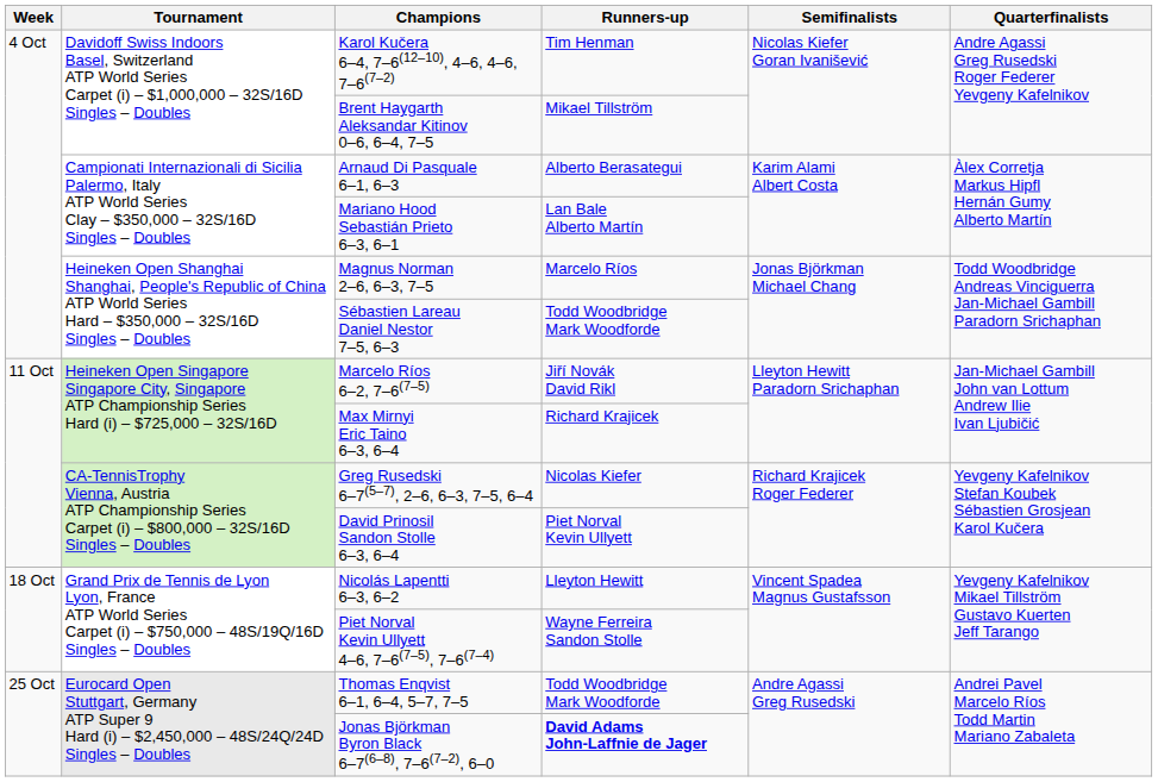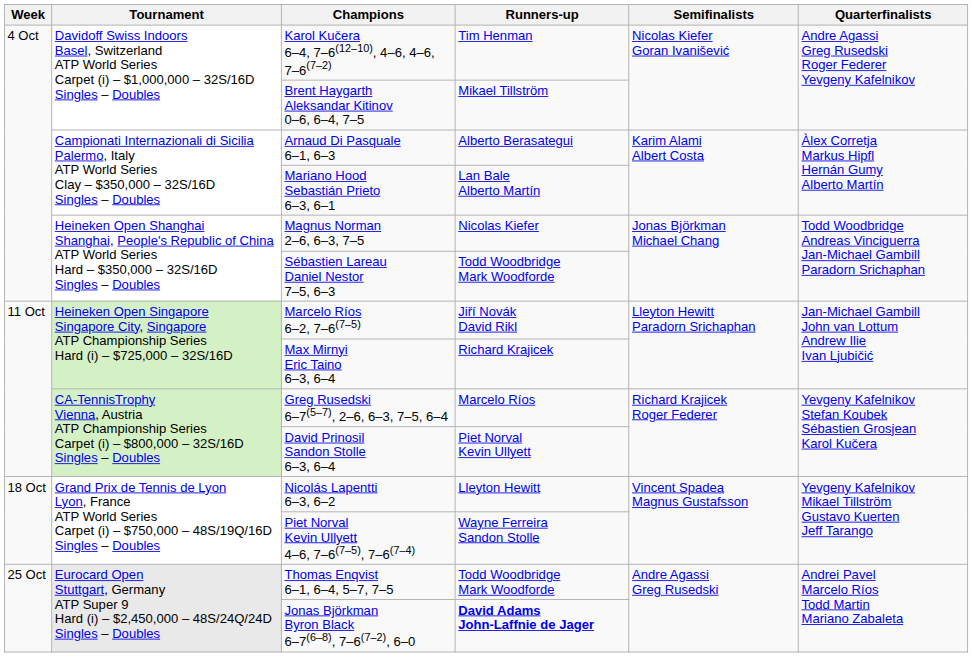 <table class=wikitable style=font-size:95%>
 <tr>
 <th style="width:48px;">Week</th>
 <th style="width:260px;">Tournament</th>
 <th style="width:195px;">Champions</th>
 <th style="width:195px;">Runners-up</th>
 <th style="width:190px;">Semifinalists</th>
 <th style="width:190px;">Quarterfinalists</th>
 </tr>
 <tr valign=top>
 <td rowspan=6>4 Oct</td>
 <td bgcolor="#ffffff" rowspan=2><a href='#'>Davidoff Swiss Indoors</a><br><a href='#'>Basel</a>, Switzerland<br>ATP World Series<br>Carpet (i) – $1,000,000 – 32S/16D<br><a href='#'>Singles</a> – <a href='#'>Doubles</a></td>
 <td> <a href='#'>Karol Kučera</a><br>6–4, 7–6<sup>(12–10)</sup>, 4–6, 4–6, 7–6<sup>(7–2)</sup></td>
 <td> <a href='#'>Tim Henman</a></td>
 <td rowspan=2> <a href='#'>Nicolas Kiefer</a><br> <a href='#'>Goran Ivanišević</a></td>
 <td rowspan=2> <a href='#'>Andre Agassi</a><br> <a href='#'>Greg Rusedski</a><br> <a href='#'>Roger Federer</a><br> <a href='#'>Yevgeny Kafelnikov</a></td>
 </tr>
 <tr valign=top>
 <td> <a href='#'>Brent Haygarth</a><br> <a href='#'>Aleksandar Kitinov</a><br>0–6, 6–4, 7–5</td>
 <td> <a href='#'>Mikael Tillström</a></td>
 </tr>
 <tr valign=top>
 <td bgcolor="#ffffff" rowspan=2><a href='#'>Campionati Internazionali di Sicilia</a><br> <a href='#'>Palermo</a>, Italy<br>ATP World Series<br>Clay – $350,000 – 32S/16D<br><a href='#'>Singles</a> – <a href='#'>Doubles</a></td>
 <td> <a href='#'>Arnaud Di Pasquale</a><br>6–1, 6–3</td>
 <td> <a href='#'>Alberto Berasategui</a></td>
 <td rowspan=2> <a href='#'>Karim Alami</a><br> <a href='#'>Albert Costa</a></td>
 <td rowspan=2> <a href='#'>Àlex Corretja</a><br> <a href='#'>Markus Hipfl</a><br> <a href='#'>Hernán Gumy</a><br> <a href='#'>Alberto Martín</a></td>
 </tr>
 <tr valign=top>
 <td> <a href='#'>Mariano Hood</a><br> <a href='#'>Sebastián Prieto</a><br>6–3, 6–1</td>
 <td> <a href='#'>Lan Bale</a><br> <a href='#'>Alberto Martín</a></td>
 </tr>
 <tr valign=top>
 <td bgcolor="#ffffff" rowspan=2><a href='#'>Heineken Open Shanghai</a><br> <a href='#'>Shanghai</a>, <a href='#'>People's Republic of China</a><br>ATP World Series<br>Hard – $350,000 – 32S/16D<br><a href='#'>Singles</a> – <a href='#'>Doubles</a></td>
 <td> <a href='#'>Magnus Norman</a><br>2–6, 6–3, 7–5</td>
-<td> <a href='#'>Marcelo Ríos</a></td>
+<td> <a href='#'>Nicolas Kiefer</a></td>
 <td rowspan=2> <a href='#'>Jonas Björkman</a><br> <a href='#'>Michael Chang</a></td>
 <td rowspan=2> <a href='#'>Todd Woodbridge</a><br> <a href='#'>Andreas Vinciguerra</a><br> <a href='#'>Jan-Michael Gambill</a><br> <a href='#'>Paradorn Srichaphan</a></td>
 </tr>
 <tr valign=top>
 <td> <a href='#'>Sébastien Lareau</a><br> <a href='#'>Daniel Nestor</a><br>7–5, 6–3</td>
 <td> <a href='#'>Todd Woodbridge</a><br> <a href='#'>Mark Woodforde</a></td>
 </tr>
 <tr valign=top>
 <td rowspan=4>11 Oct</td>
 <td bgcolor="#D4F1C5" rowspan=2><a href='#'>Heineken Open Singapore</a><br> <a href='#'>Singapore City</a>, <a href='#'>Singapore</a><br>ATP Championship Series<br>Hard (i) – $725,000 – 32S/16D</td>
 <td> <a href='#'>Marcelo Ríos</a><br>6–2, 7–6<sup>(7–5)</sup></td>
 <td> <a href='#'>Jiří Novák</a><br> <a href='#'>David Rikl</a></td>
 <td rowspan=2> <a href='#'>Lleyton Hewitt</a><br> <a href='#'>Paradorn Srichaphan</a></td>
 <td rowspan=2> <a href='#'>Jan-Michael Gambill</a><br> <a href='#'>John van Lottum</a><br> <a href='#'>Andrew Ilie</a><br> <a href='#'>Ivan Ljubičić</a></td>
 </tr>
 <tr valign=top>
 <td> <a href='#'>Max Mirnyi</a><br> <a href='#'>Eric Taino</a><br>6–3, 6–4</td>
 <td> <a href='#'>Richard Krajicek</a></td>
 </tr>
 <tr valign=top>
 <td bgcolor="#D4F1C5" rowspan=2><a href='#'>CA-TennisTrophy</a><br><a href='#'>Vienna</a>, Austria<br>ATP Championship Series<br>Carpet (i) – $800,000 – 32S/16D<br><a href='#'>Singles</a> – <a href='#'>Doubles</a></td>
 <td> <a href='#'>Greg Rusedski</a><br>6–7<sup>(5–7)</sup>, 2–6, 6–3, 7–5, 6–4</td>
-<td> <a href='#'>Nicolas Kiefer</a></td>
+<td> <a href='#'>Marcelo Ríos</a></td>
 <td rowspan=2> <a href='#'>Richard Krajicek</a><br> <a href='#'>Roger Federer</a></td>
 <td rowspan=2> <a href='#'>Yevgeny Kafelnikov</a><br> <a href='#'>Stefan Koubek</a><br> <a href='#'>Sébastien Grosjean</a><br> <a href='#'>Karol Kučera</a></td>
 </tr>
 <tr valign=top>
 <td> <a href='#'>David Prinosil</a><br> <a href='#'>Sandon Stolle</a><br>6–3, 6–4</td>
 <td> <a href='#'>Piet Norval</a><br> <a href='#'>Kevin Ullyett</a></td>
 </tr>
 <tr valign=top>
 <td rowspan=2>18 Oct</td>
 <td bgcolor="#ffffff" rowspan=2><a href='#'>Grand Prix de Tennis de Lyon</a><br> <a href='#'>Lyon</a>, France<br>ATP World Series<br>Carpet (i) – $750,000 – 48S/19Q/16D<br><a href='#'>Singles</a> – <a href='#'>Doubles</a></td>
 <td> <a href='#'>Nicolás Lapentti</a><br>6–3, 6–2</td>
 <td> <a href='#'>Lleyton Hewitt</a></td>
 <td rowspan=2> <a href='#'>Vincent Spadea</a><br> <a href='#'>Magnus Gustafsson</a></td>
 <td rowspan=2> <a href='#'>Yevgeny Kafelnikov</a><br> <a href='#'>Mikael Tillström</a><br> <a href='#'>Gustavo Kuerten</a><br> <a href='#'>Jeff Tarango</a></td>
 </tr>
 <tr valign=top>
 <td> <a href='#'>Piet Norval</a><br> <a href='#'>Kevin Ullyett</a><br>4–6, 7–6<sup>(7–5)</sup>, 7–6<sup>(7–4)</sup></td>
 <td> <a href='#'>Wayne Ferreira</a><br> <a href='#'>Sandon Stolle</a></td>
 </tr>
 <tr valign=top>
 <td rowspan=2>25 Oct</td>
 <td bgcolor="#E9E9E9" rowspan=2><a href='#'>Eurocard Open</a><br> <a href='#'>Stuttgart</a>, Germany<br>ATP Super 9<br>Hard (i) – $2,450,000 – 48S/24Q/24D<br><a href='#'>Singles</a> – <a href='#'>Doubles</a></td>
 <td> <a href='#'>Thomas Enqvist</a><br>6–1, 6–4, 5–7, 7–5</td>
 <td> <a href='#'>Todd Woodbridge</a><br> <a href='#'>Mark Woodforde</a></td>
 <td rowspan=2> <a href='#'>Andre Agassi</a><br> <a href='#'>Greg Rusedski</a></td>
 <td rowspan=2> <a href='#'>Andrei Pavel</a><br> <a href='#'>Marcelo Ríos</a><br> <a href='#'>Todd Martin</a><br> <a href='#'>Mariano Zabaleta</a></td>
 </tr>
 <tr valign=top>
 <td> <a href='#'>Jonas Björkman</a><br> <a href='#'>Byron Black</a><br>6–7<sup>(6–8)</sup>, 7–6<sup>(7–2)</sup>, 6–0</td>
 <td><strong> <a href='#'>David Adams</a><br> <a href='#'>John-Laffnie de Jager</a></strong></td>
 </tr>
 </table>
